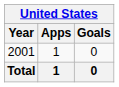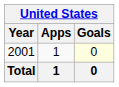 <table class="wikitable" style="text-align:center">
 <tr>
 <th colspan=3><a href='#'>United States</a></th>
 </tr>
 <tr>
 <th>Year</th>
 <th>Apps</th>
 <th>Goals</th>
 </tr>
 <tr>
 <td>2001</td>
 <td>1</td>
-<td>0</td>
+<td style="background: lightyellow;">0</td>
 </tr>
 <tr>
 <th>Total</th>
 <th>1</th>
 <th>0</th>
 </tr>
 </table>
